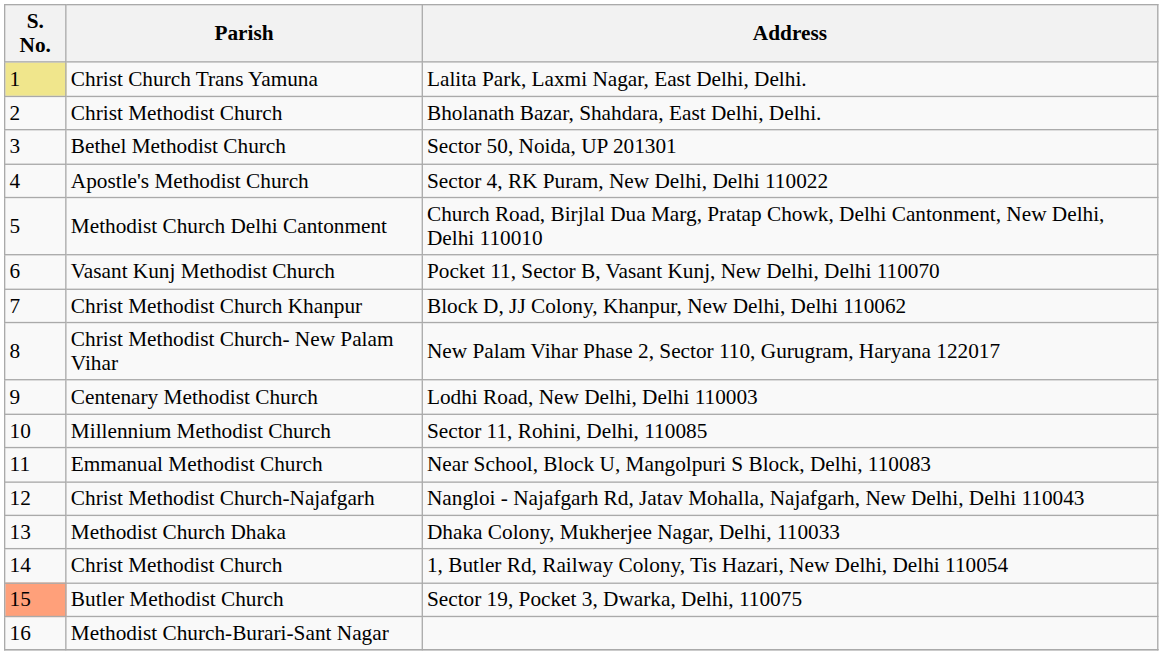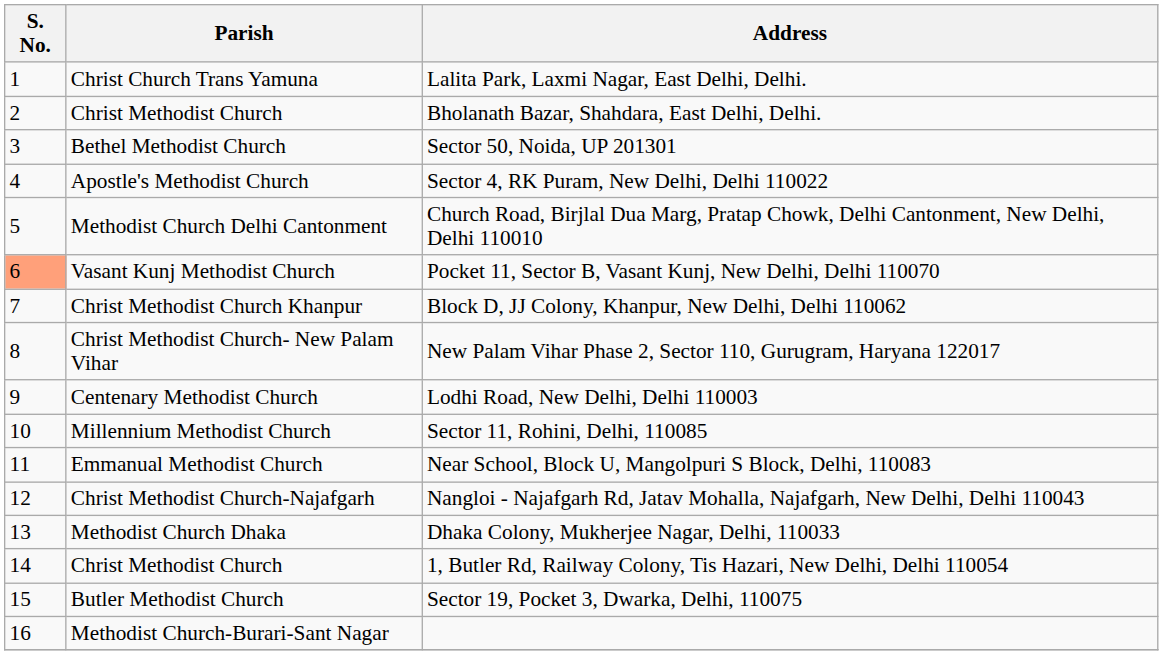 <table class="wikitable">
 <tr>
 <th>S. No.</th>
 <th>Parish</th>
 <th>Address</th>
 </tr>
 <tr>
-<td style="background: khaki;">1</td>
+<td>1</td>
 <td>Christ Church Trans Yamuna</td>
 <td>Lalita Park, Laxmi Nagar, East Delhi, Delhi.</td>
 </tr>
 <tr>
 <td>2</td>
 <td>Christ Methodist Church</td>
 <td>Bholanath Bazar, Shahdara, East Delhi, Delhi.</td>
 </tr>
 <tr>
 <td>3</td>
 <td>Bethel Methodist Church</td>
 <td>Sector 50, Noida, UP 201301</td>
 </tr>
 <tr>
 <td>4</td>
 <td>Apostle's Methodist Church</td>
 <td>Sector 4, RK Puram, New Delhi, Delhi 110022</td>
 </tr>
 <tr>
 <td>5</td>
 <td>Methodist Church Delhi Cantonment</td>
 <td>Church Road, Birjlal Dua Marg, Pratap Chowk, Delhi Cantonment, New Delhi, Delhi 110010</td>
 </tr>
 <tr>
-<td>6</td>
+<td style="background: lightsalmon;">6</td>
 <td>Vasant Kunj Methodist Church</td>
 <td>Pocket 11, Sector B, Vasant Kunj, New Delhi, Delhi 110070</td>
 </tr>
 <tr>
 <td>7</td>
 <td>Christ Methodist Church Khanpur</td>
 <td>Block D, JJ Colony, Khanpur, New Delhi, Delhi 110062</td>
 </tr>
 <tr>
 <td>8</td>
 <td>Christ Methodist Church- New Palam Vihar</td>
 <td>New Palam Vihar Phase 2, Sector 110, Gurugram, Haryana 122017</td>
 </tr>
 <tr>
 <td>9</td>
 <td>Centenary Methodist Church</td>
 <td>Lodhi Road, New Delhi, Delhi 110003</td>
 </tr>
 <tr>
 <td>10</td>
 <td>Millennium Methodist Church</td>
 <td>Sector 11, Rohini, Delhi, 110085</td>
 </tr>
 <tr>
 <td>11</td>
 <td>Emmanual Methodist Church</td>
 <td>Near School, Block U, Mangolpuri S Block, Delhi, 110083</td>
 </tr>
 <tr>
 <td>12</td>
 <td>Christ Methodist Church-Najafgarh</td>
 <td>Nangloi - Najafgarh Rd, Jatav Mohalla, Najafgarh, New Delhi, Delhi 110043</td>
 </tr>
 <tr>
 <td>13</td>
 <td>Methodist Church Dhaka</td>
 <td>Dhaka Colony, Mukherjee Nagar, Delhi, 110033</td>
 </tr>
 <tr>
 <td>14</td>
 <td>Christ Methodist Church</td>
 <td>1, Butler Rd, Railway Colony, Tis Hazari, New Delhi, Delhi 110054</td>
 </tr>
 <tr>
-<td style="background: lightsalmon;">15</td>
+<td>15</td>
 <td>Butler Methodist Church</td>
 <td>Sector 19, Pocket 3, Dwarka, Delhi, 110075</td>
 </tr>
 <tr>
 <td>16</td>
 <td>Methodist Church-Burari-Sant Nagar</td>
 <td></td>
 </tr>
 <tr>
 </tr>
 </table>
